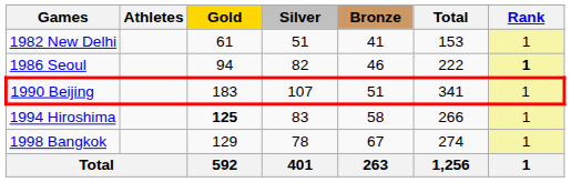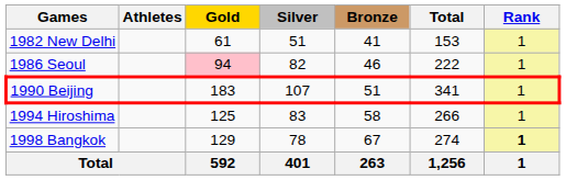 <table class="wikitable" style="text-align:center; font-size:90%;">
 <tr>
 <th>Games</th>
 <th>Athletes</th>
 <td style="background:gold; width:4.5em; font-weight:bold;">Gold</td>
 <td style="background:silver; width:4.5em; font-weight:bold;">Silver</td>
 <td style="background:#c96; width:4.5em; font-weight:bold;">Bronze</td>
 <th style="width:4.5em; font-weight:bold;">Total</th>
 <th style="width:4.5em; font-weight:bold;"><a href='#'>Rank</a></th>
 </tr>
 <tr>
 <td align=left> <a href='#'>1982 New Delhi</a></td>
 <td></td>
 <td>61</td>
 <td>51</td>
 <td>41</td>
 <td>153</td>
 <td bgcolor=f7f6a8>1</td>
 </tr>
 <tr>
 <td align=left> <a href='#'>1986 Seoul</a></td>
 <td></td>
-<td>94</td>
+<td style="background: pink;">94</td>
 <td>82</td>
 <td>46</td>
 <td>222</td>
-<td bgcolor=f7f6a8><strong>1</strong></td>
+<td bgcolor=f7f6a8>1</td>
 </tr>
 <tr style="border: 3px solid red">
 <td align=left> <a href='#'>1990 Beijing</a></td>
 <td></td>
 <td>183</td>
 <td>107</td>
 <td>51</td>
 <td>341</td>
 <td bgcolor=f7f6a8>1</td>
 </tr>
 <tr>
 <td align=left> <a href='#'>1994 Hiroshima</a></td>
 <td></td>
-<td><strong>125</strong></td>
+<td>125</td>
 <td>83</td>
 <td>58</td>
 <td>266</td>
 <td bgcolor=f7f6a8>1</td>
 </tr>
 <tr>
 <td align=left> <a href='#'>1998 Bangkok</a></td>
 <td></td>
 <td>129</td>
 <td>78</td>
 <td>67</td>
 <td>274</td>
-<td bgcolor=f7f6a8>1</td>
+<td bgcolor=f7f6a8><strong>1</strong></td>
 </tr>
 <tr>
 <th colspan=2>Total</th>
 <th>592</th>
 <th>401</th>
 <th>263</th>
 <th>1,256</th>
 <th>1</th>
 </tr>
 </table>
